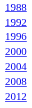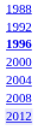 <table>
 <tr>
 <td><a href='#'>1988</a></td>
 <td></td>
 <td></td>
 <td></td>
 </tr>
 <tr>
 <td><a href='#'>1992</a></td>
 <td></td>
 <td></td>
 <td></td>
 </tr>
 <tr>
-<td><a href='#'>1996</a></td>
+<td><strong><a href='#'>1996</a></strong></td>
 <td></td>
 <td></td>
 <td></td>
 </tr>
 <tr>
 <td><a href='#'>2000</a></td>
 <td></td>
 <td></td>
 <td></td>
 </tr>
 <tr>
 <td><a href='#'>2004</a></td>
 <td></td>
 <td></td>
 <td></td>
 </tr>
 <tr>
 <td><a href='#'>2008</a></td>
 <td></td>
 <td></td>
 <td></td>
 </tr>
 <tr>
-<td><a href='#'>2012</a></td>
+<td style="background: lavender;"><a href='#'>2012</a></td>
 <td></td>
 <td></td>
 <td></td>
 </tr>
 </table>
